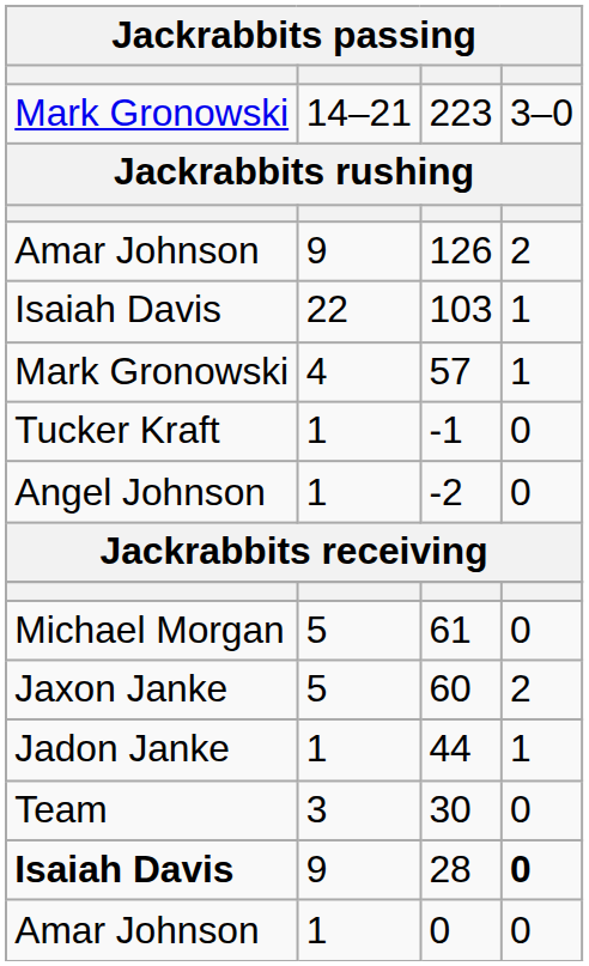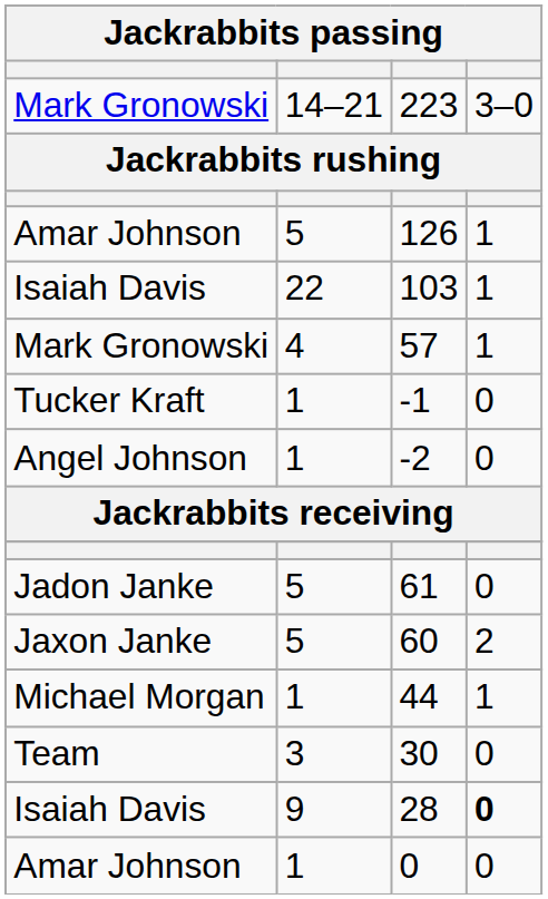 <table class="wikitable plainrowheaders">
 <tr>
 <th colspan="6">Jackrabbits passing</th>
 </tr>
 <tr>
 <th scope="col"></th>
 <th scope="col"></th>
 <th scope="col"></th>
 <th scope="col"></th>
 </tr>
 <tr>
 <td><a href='#'>Mark Gronowski</a></td>
 <td>14–21</td>
 <td>223</td>
 <td>3–0</td>
 </tr>
 <tr>
 <th colspan="6">Jackrabbits rushing</th>
 </tr>
 <tr>
 <th scope="col"></th>
 <th scope="col"></th>
 <th scope="col"></th>
 <th scope="col"></th>
 </tr>
 <tr>
 <td>Amar Johnson</td>
-<td>9</td>
+<td>5</td>
 <td>126</td>
-<td>2</td>
+<td>1</td>
 </tr>
 <tr>
 <td>Isaiah Davis</td>
 <td>22</td>
 <td>103</td>
 <td>1</td>
 </tr>
 <tr>
 <td>Mark Gronowski</td>
 <td>4</td>
 <td>57</td>
 <td>1</td>
 </tr>
 <tr>
 <td>Tucker Kraft</td>
 <td>1</td>
 <td>-1</td>
 <td>0</td>
 </tr>
 <tr>
 <td>Angel Johnson</td>
 <td>1</td>
 <td>-2</td>
 <td>0</td>
 </tr>
 <tr>
 <th colspan="6">Jackrabbits receiving</th>
 </tr>
 <tr>
 </tr>
 <tr>
 <th scope="col"></th>
 <th scope="col"></th>
 <th scope="col"></th>
 <th scope="col"></th>
 </tr>
 <tr>
-<td>Michael Morgan</td>
+<td>Jadon Janke</td>
 <td>5</td>
 <td>61</td>
 <td>0</td>
 </tr>
 <tr>
 <td>Jaxon Janke</td>
 <td>5</td>
 <td>60</td>
 <td>2</td>
 </tr>
 <tr>
-<td>Jadon Janke</td>
+<td>Michael Morgan</td>
 <td>1</td>
 <td>44</td>
 <td>1</td>
 </tr>
 <tr>
 <td>Team</td>
 <td>3</td>
 <td>30</td>
 <td>0</td>
 </tr>
 <tr>
-<td><strong>Isaiah Davis</strong></td>
+<td>Isaiah Davis</td>
 <td>9</td>
 <td>28</td>
 <td><strong>0</strong></td>
 </tr>
 <tr>
 <td>Amar Johnson</td>
 <td>1</td>
 <td>0</td>
 <td>0</td>
 </tr>
 </table>
